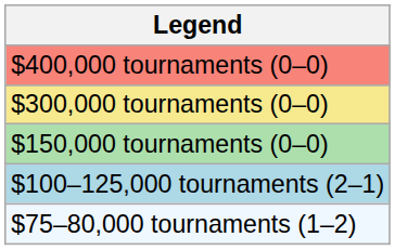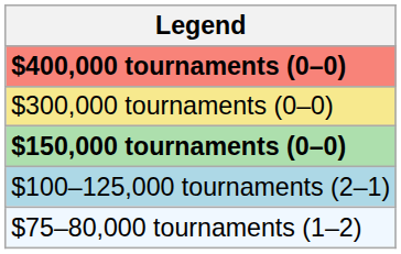 <table class=wikitable style="font-size:90%">
 <tr>
 <th>Legend</th>
 </tr>
 <tr style="background:#f88379;">
-<td>$400,000 tournaments (0–0)</td>
+<td><strong>$400,000 tournaments (0–0)</strong></td>
 </tr>
 <tr style="background:#f7e98e;">
 <td>$300,000 tournaments (0–0)</td>
 </tr>
 <tr style="background:#addfad;">
-<td>$150,000 tournaments (0–0)</td>
+<td><strong>$150,000 tournaments (0–0)</strong></td>
 </tr>
 <tr style="background:lightblue;">
 <td>$100–125,000 tournaments (2–1)</td>
 </tr>
 <tr style="background:#f0f8ff;">
 <td>$75–80,000 tournaments (1–2)</td>
 </tr>
 </table>
